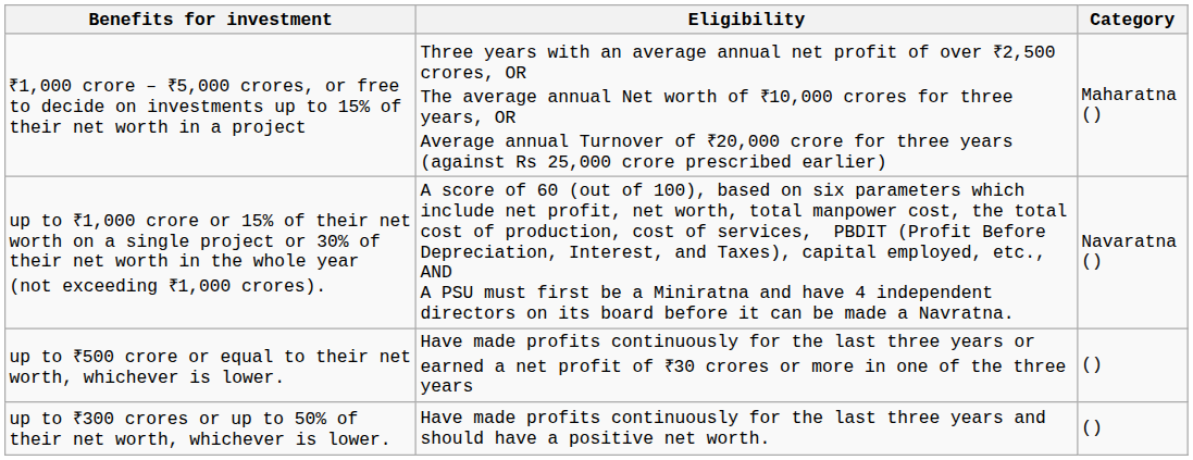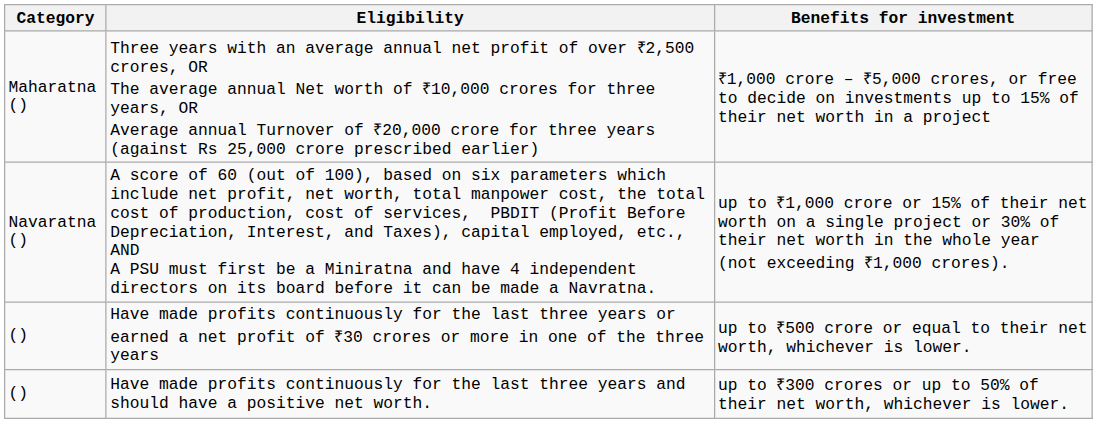 <table class="wikitable">
 <tr>
+<th>Category</th>
+<th>Eligibility</th>
 <th>Benefits for investment</th>
-<th>Eligibility</th>
-<th>Category</th>
 </tr>
 <tr>
+<td>Maharatna ()</td>
+<td>Three years with an average annual net profit of over ₹2,500 crores, OR<br>The average annual Net worth of ₹10,000 crores for three years, OR<br>Average annual Turnover of ₹20,000 crore for three years (against Rs 25,000 crore prescribed earlier)</td>
 <td>₹1,000 crore – ₹5,000 crores, or free to decide on investments up to 15% of their net worth in a project</td>
-<td>Three years with an average annual net profit of over ₹2,500 crores, OR<br>The average annual Net worth of ₹10,000 crores for three years, OR<br>Average annual Turnover of ₹20,000 crore for three years (against Rs 25,000 crore prescribed earlier)</td>
-<td>Maharatna ()</td>
 </tr>
 <tr>
+<td>Navaratna ()</td>
+<td>A score of 60 (out of 100), based on six parameters which include net profit, net worth, total manpower cost, the total cost of production, cost of services,  PBDIT (Profit Before Depreciation, Interest, and Taxes), capital employed, etc., AND<br>A PSU must first be a Miniratna and have 4 independent directors on its board before it can be made a Navratna.</td>
 <td>up to ₹1,000 crore or 15% of their net worth on a single project or 30% of their net worth in the whole year (not exceeding ₹1,000 crores).</td>
-<td>A score of 60 (out of 100), based on six parameters which include net profit, net worth, total manpower cost, the total cost of production, cost of services,  PBDIT (Profit Before Depreciation, Interest, and Taxes), capital employed, etc., AND<br>A PSU must first be a Miniratna and have 4 independent directors on its board before it can be made a Navratna.</td>
-<td>Navaratna ()</td>
 </tr>
 <tr>
+<td> ()</td>
+<td>Have made profits continuously for the last three years or earned a net profit of ₹30 crores or more in one of the three years</td>
 <td>up to ₹500 crore or equal to their net worth, whichever is lower.</td>
-<td>Have made profits continuously for the last three years or earned a net profit of ₹30 crores or more in one of the three years</td>
-<td> ()</td>
 </tr>
 <tr>
+<td> ()</td>
+<td>Have made profits continuously for the last three years and should have a positive net worth.</td>
 <td>up to ₹300 crores or up to 50% of their net worth, whichever is lower.</td>
-<td>Have made profits continuously for the last three years and should have a positive net worth.</td>
-<td> ()</td>
 </tr>
 </table>
